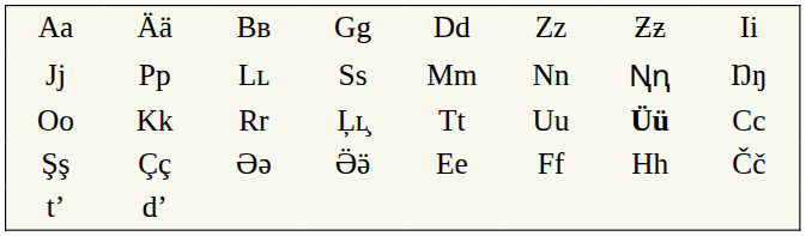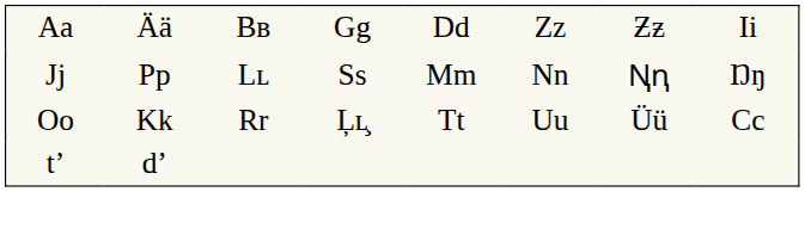 <table style="font-family:Microsoft Sans Serif; font-size:1.4em; border-color:black; border-width:1px; border-style:solid; border-collapse:collapse; background-color:#F8F8EF">
 <tr>
 <td style="width:3em; text-align:center; padding: 3px;">Aa</td>
 <td style="width:3em; text-align:center; padding: 3px;">Ää</td>
 <td style="width:3em; text-align:center; padding: 3px;">Bв</td>
 <td style="width:3em; text-align:center; padding: 3px;">Gg</td>
 <td style="width:3em; text-align:center; padding: 3px;">Dd</td>
 <td style="width:3em; text-align:center; padding: 3px;">Zz</td>
 <td style="width:3em; text-align:center; padding: 3px;">Ƶƶ</td>
 <td style="width:3em; text-align:center; padding: 3px;">Ii</td>
 </tr>
 <tr>
 <td style="width:3em; text-align:center; padding: 3px;">Jj</td>
 <td style="width:3em; text-align:center; padding: 3px;">Pp</td>
 <td style="width:3em; text-align:center; padding: 3px;">Lʟ</td>
 <td style="width:3em; text-align:center; padding: 3px;">Ss</td>
 <td style="width:3em; text-align:center; padding: 3px;">Mm</td>
 <td style="width:3em; text-align:center; padding: 3px;">Nn</td>
 <td style="width:3em; text-align:center; padding: 3px;">Ꞑꞑ</td>
 <td style="width:3em; text-align:center; padding: 3px;">Ŋŋ</td>
 </tr>
 <tr>
 <td style="width:3em; text-align:center; padding: 3px;">Oo</td>
 <td style="width:3em; text-align:center; padding: 3px;">Kk</td>
 <td style="width:3em; text-align:center; padding: 3px;">Rr</td>
 <td style="width:3em; text-align:center; padding: 3px;">Ļʟ̧</td>
 <td style="width:3em; text-align:center; padding: 3px;">Tt</td>
 <td style="width:3em; text-align:center; padding: 3px;">Uu</td>
-<td style="width:3em; text-align:center; padding: 3px;"><strong>Üü</strong></td>
+<td style="width:3em; text-align:center; padding: 3px;">Üü</td>
 <td style="width:3em; text-align:center; padding: 3px;">Cc</td>
-</tr>
-<tr>
-<td style="width:3em; text-align:center; padding: 3px;">Şş</td>
-<td style="width:3em; text-align:center; padding: 3px;">Çç</td>
-<td style="width:3em; text-align:center; padding: 3px;">Әә</td>
-<td style="width:3em; text-align:center; padding: 3px;">Ӛӛ</td>
-<td style="width:3em; text-align:center; padding: 3px;">Ee</td>
-<td style="width:3em; text-align:center; padding: 3px;">Ff</td>
-<td style="width:3em; text-align:center; padding: 3px;">Hh</td>
-<td style="width:3em; text-align:center; padding: 3px;">Čč</td>
 </tr>
 <tr>
 <td style="width:3em; text-align:center; padding: 3px;">t’</td>
 <td style="width:3em; text-align:center; padding: 3px;">d’</td>
 <td></td>
 <td></td>
 <td></td>
 <td></td>
 <td></td>
 <td></td>
 </tr>
 </table>
